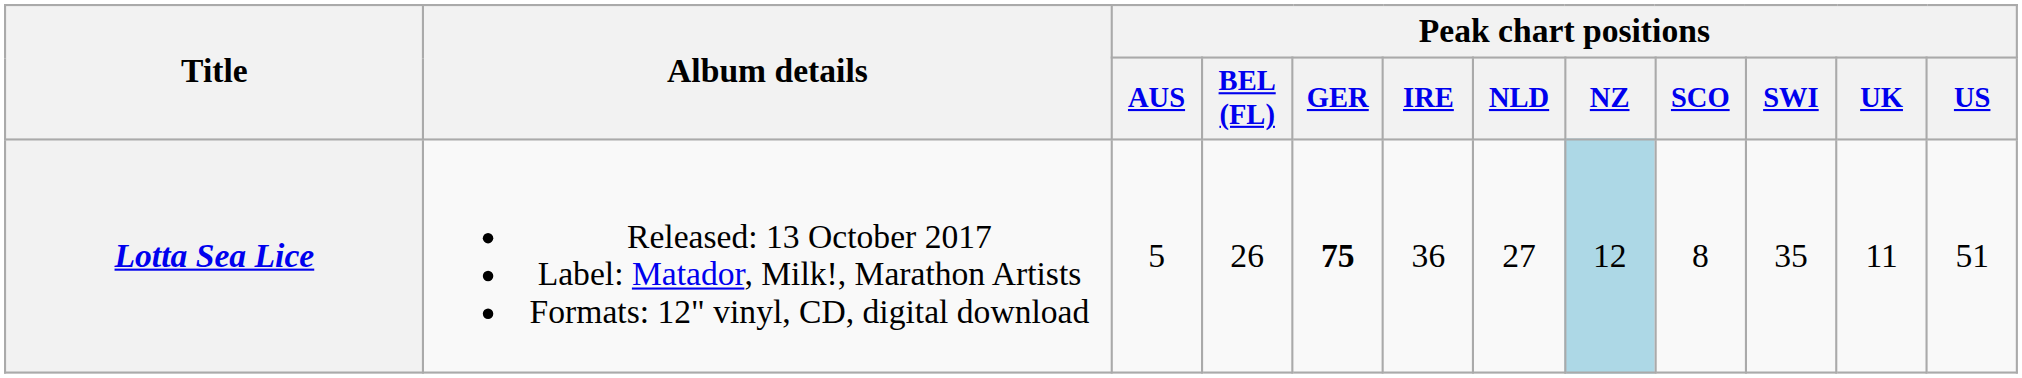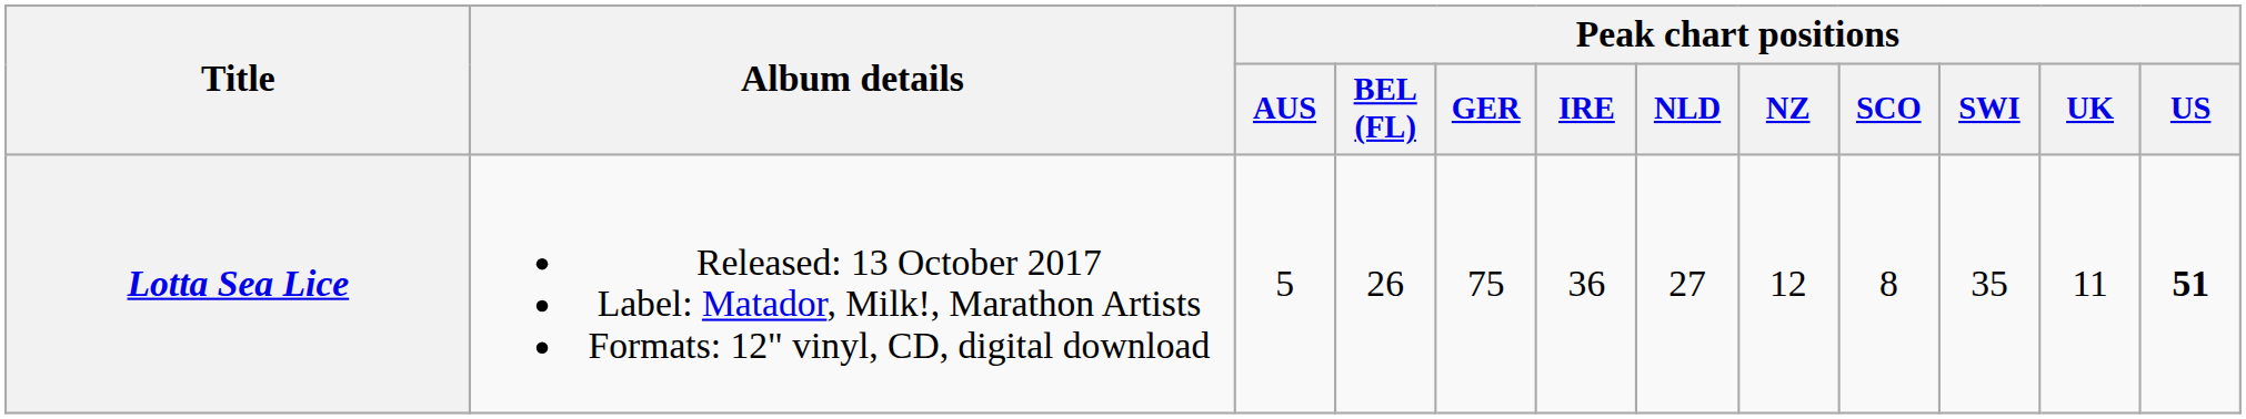 <table class="wikitable plainrowheaders" style="text-align:center;">
 <tr>
 <th scope="col" rowspan="2" style="width:12em;">Title</th>
 <th scope="col" rowspan="2" style="width:20em;">Album details</th>
 <th scope="col" colspan="10">Peak chart positions</th>
 </tr>
 <tr>
 <th scope="col" style="width:2.7em;font-size:85%;"><a href='#'>AUS</a><br></th>
 <th scope="col" style="width:2.7em;font-size:85%;"><a href='#'>BEL<br>(FL)</a><br></th>
 <th scope="col" style="width:2.7em;font-size:85%;"><a href='#'>GER</a><br></th>
 <th scope="col" style="width:2.7em;font-size:85%;"><a href='#'>IRE</a><br></th>
 <th scope="col" style="width:2.7em;font-size:85%;"><a href='#'>NLD</a><br></th>
 <th scope="col" style="width:2.7em;font-size:85%;"><a href='#'>NZ</a><br></th>
 <th scope="col" style="width:2.7em;font-size:85%;"><a href='#'>SCO</a><br></th>
 <th scope="col" style="width:2.7em;font-size:85%;"><a href='#'>SWI</a><br></th>
 <th scope="col" style="width:2.7em;font-size:85%;"><a href='#'>UK</a><br></th>
 <th scope="col" style="width:2.7em;font-size:85%;"><a href='#'>US</a><br></th>
 </tr>
 <tr>
 <th scope="row"><em><a href='#'>Lotta Sea Lice</a></em><br></th>
 <td><br><ul><li>Released: 13 October 2017</li><li>Label: <a href='#'>Matador</a>, Milk!, Marathon Artists</li><li>Formats: 12" vinyl, CD, digital download</li></ul></td>
 <td>5</td>
 <td>26</td>
-<td><strong>75</strong></td>
+<td>75</td>
 <td>36</td>
 <td>27</td>
-<td style="background: lightblue;">12</td>
+<td>12</td>
 <td>8</td>
 <td>35</td>
 <td>11</td>
-<td>51</td>
+<td><strong>51</strong></td>
 </tr>
 </table>
